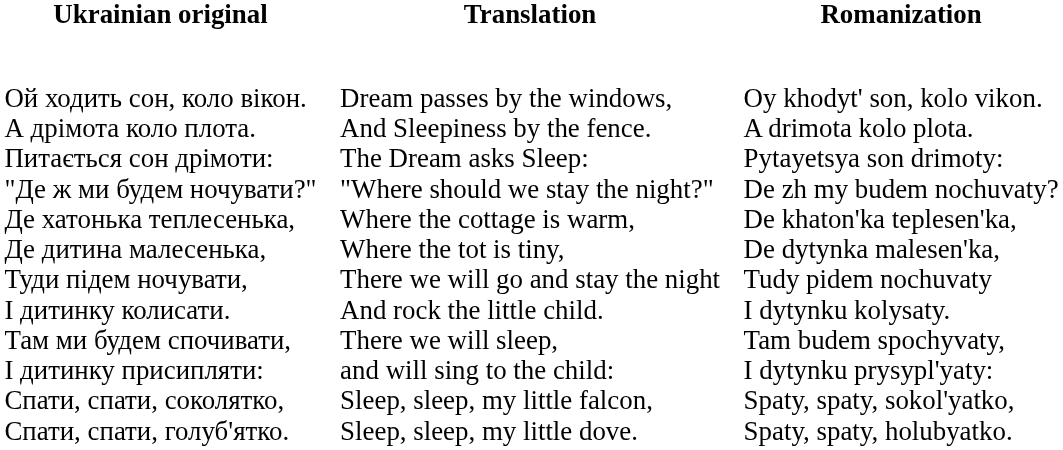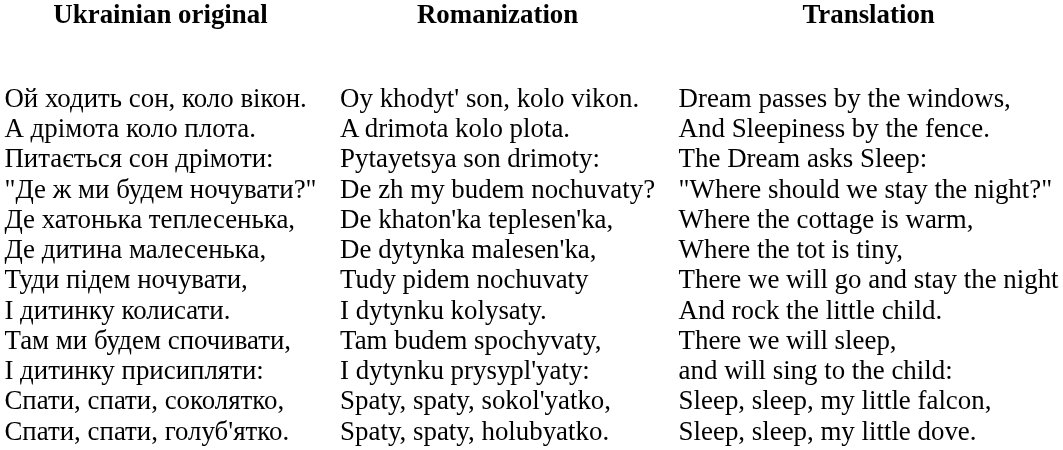 <table cellpadding=6>
 <tr>
 <th>Ukrainian original</th>
+<th>Romanization</th>
 <th>Translation</th>
-<th>Romanization</th>
 </tr>
 <tr style="vertical-align:top; white-space:nowrap;">
 <td><br>Ой ходить сон, коло вікон.<br> А дрімота коло плота.<br> Питається сон дрімоти:<br> "Де ж ми будем ночувати?"<br>Де хатонька теплесенька,<br> Де дитина малесенька,<br> Туди підем ночувати,<br> І дитинку колисати.<br>Там ми будем спочивати,<br> І дитинку присипляти:<br> Спати, спати, соколятко,<br> Спати, спати, голуб'ятко.</td>
+<td><br>Oy khodyt' son, kolo vikon.<br> A drimota kolo plota.<br> Pytayetsya son drimoty:<br> De zh my budem nochuvaty?<br>De khaton'ka teplesen'ka,<br> De dytynka malesen'ka,<br> Tudy pidem nochuvaty<br> I dytynku kolysaty.<br>Tam budem spochyvaty,<br> I dytynku prysypl'yaty:<br> Spaty, spaty, sokol'yatko,<br> Spaty, spaty, holubyatko.<br></td>
 <td><br>Dream passes by the windows,<br> And Sleepiness by the fence.<br> The Dream asks Sleep:<br> "Where should we stay the night?"<br>Where the cottage is warm,<br> Where the tot is tiny,<br> There we will go and stay the night<br> And rock the little child.<br>There we will sleep, <br> and will sing to the child:<br> Sleep, sleep, my little falcon,<br> Sleep, sleep, my little dove.<br></td>
-<td><br>Oy khodyt' son, kolo vikon.<br> A drimota kolo plota.<br> Pytayetsya son drimoty:<br> De zh my budem nochuvaty?<br>De khaton'ka teplesen'ka,<br> De dytynka malesen'ka,<br> Tudy pidem nochuvaty<br> I dytynku kolysaty.<br>Tam budem spochyvaty,<br> I dytynku prysypl'yaty:<br> Spaty, spaty, sokol'yatko,<br> Spaty, spaty, holubyatko.<br></td>
 </tr>
 </table>
